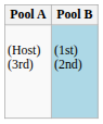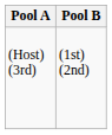 <table class="wikitable">
 <tr>
 <th width=45%>Pool A</th>
 <th width=45%>Pool B</th>
 </tr>
 <tr>
 <td valign=top><br> (Host)<br>  (3rd)<br> <br> <br> </td>
-<td style="background: lightblue;"><br> (1st)<br>  (2nd)<br> <br> <br> <br> </td>
+<td><br> (1st)<br>  (2nd)<br> <br> <br> <br> </td>
 </tr>
 </table>
